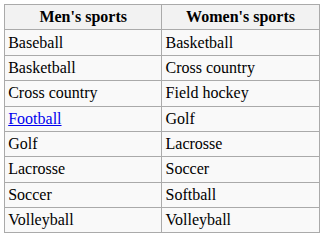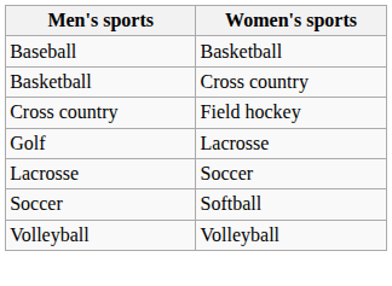 <table class="wikitable"; style= "text-align: ">
 <tr>
 <th width=150px>Men's sports</th>
 <th width=150px>Women's sports</th>
 </tr>
 <tr>
 <td>Baseball</td>
 <td>Basketball</td>
 </tr>
 <tr>
 <td>Basketball</td>
 <td>Cross country</td>
 </tr>
 <tr>
 <td>Cross country</td>
 <td>Field hockey</td>
 </tr>
 <tr>
-<td><a href='#'>Football</a></td>
-<td>Golf</td>
-</tr>
-<tr>
 <td>Golf</td>
 <td>Lacrosse</td>
 </tr>
 <tr>
 <td>Lacrosse</td>
 <td>Soccer</td>
 </tr>
 <tr>
 <td>Soccer</td>
 <td>Softball</td>
 </tr>
 <tr>
 <td>Volleyball</td>
 <td>Volleyball</td>
 </tr>
 </table>
